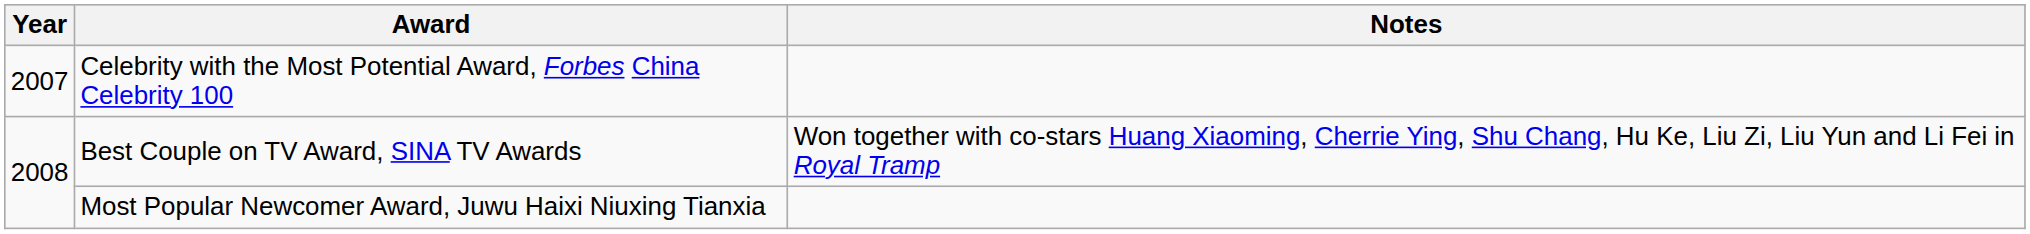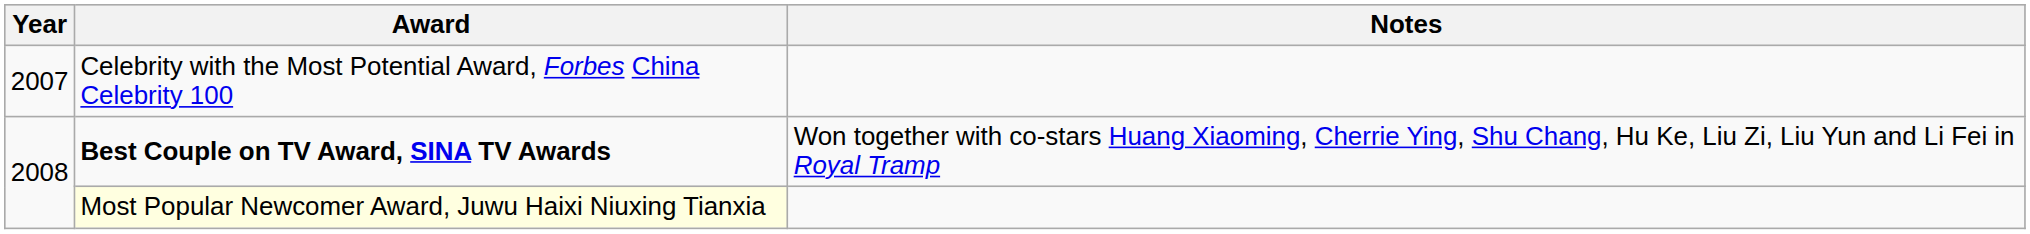 <table class="wikitable">
 <tr>
 <th>Year</th>
 <th>Award</th>
 <th>Notes</th>
 </tr>
 <tr>
 <td>2007</td>
 <td>Celebrity with the Most Potential Award, <em><a href='#'>Forbes</a></em> <a href='#'>China Celebrity 100</a><br></td>
 <td></td>
 </tr>
 <tr>
 <td rowspan=2>2008</td>
-<td>Best Couple on TV Award, <a href='#'>SINA</a> TV Awards<br></td>
+<td><strong>Best Couple on TV Award, <a href='#'>SINA</a> TV Awards<br></strong></td>
 <td>Won together with co-stars <a href='#'>Huang Xiaoming</a>, <a href='#'>Cherrie Ying</a>, <a href='#'>Shu Chang</a>, Hu Ke, Liu Zi, Liu Yun and Li Fei in <em><a href='#'>Royal Tramp</a></em></td>
 </tr>
 <tr>
-<td>Most Popular Newcomer Award, Juwu Haixi Niuxing Tianxia<br></td>
+<td style="background: lightyellow;">Most Popular Newcomer Award, Juwu Haixi Niuxing Tianxia<br></td>
 <td></td>
 </tr>
 </table>
